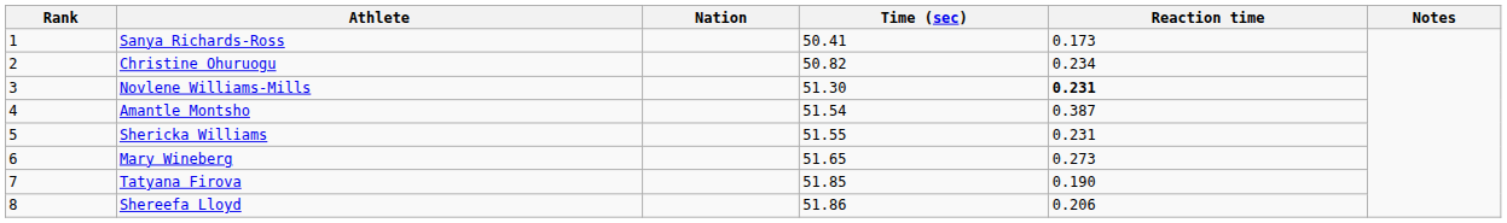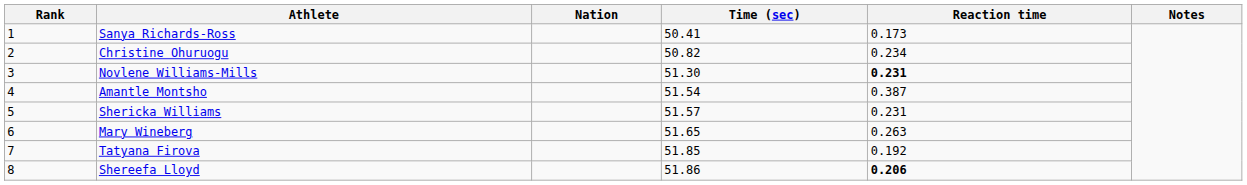 <table class="wikitable" style="text=align:center;" width=85%>
 <tr>
 <th>Rank</th>
 <th>Athlete</th>
 <th>Nation</th>
 <th>Time (<a href='#'>sec</a>)</th>
 <th>Reaction time</th>
 <th>Notes</th>
 </tr>
 <tr>
 <td>1</td>
 <td><a href='#'>Sanya Richards-Ross</a></td>
 <td></td>
 <td>50.41</td>
 <td>0.173</td>
 </tr>
 <tr>
 <td>2</td>
 <td><a href='#'>Christine Ohuruogu</a></td>
 <td></td>
 <td>50.82</td>
 <td>0.234</td>
 </tr>
 <tr>
 <td>3</td>
 <td><a href='#'>Novlene Williams-Mills</a></td>
 <td></td>
 <td>51.30</td>
 <td><strong>0.231</strong></td>
 </tr>
 <tr>
 <td>4</td>
 <td><a href='#'>Amantle Montsho</a></td>
 <td></td>
 <td>51.54</td>
 <td>0.387</td>
 </tr>
 <tr>
 <td>5</td>
 <td><a href='#'>Shericka Williams</a></td>
 <td></td>
-<td>51.55</td>
+<td>51.57</td>
 <td>0.231</td>
 </tr>
 <tr>
 <td>6</td>
 <td><a href='#'>Mary Wineberg</a></td>
 <td></td>
 <td>51.65</td>
-<td>0.273</td>
+<td>0.263</td>
 </tr>
 <tr>
 <td>7</td>
 <td><a href='#'>Tatyana Firova</a></td>
 <td></td>
 <td>51.85</td>
-<td>0.190</td>
+<td>0.192</td>
 </tr>
 <tr>
 <td>8</td>
 <td><a href='#'>Shereefa Lloyd</a></td>
 <td></td>
 <td>51.86</td>
-<td>0.206</td>
+<td><strong>0.206</strong></td>
 </tr>
 </table>
